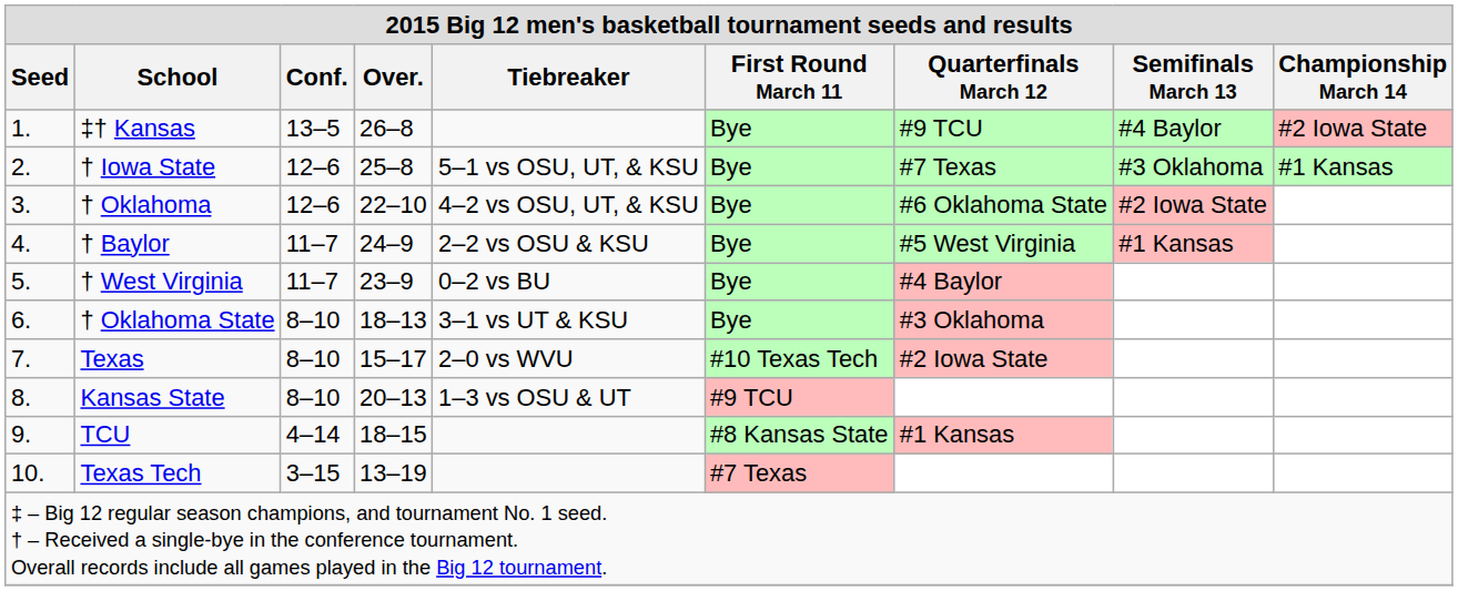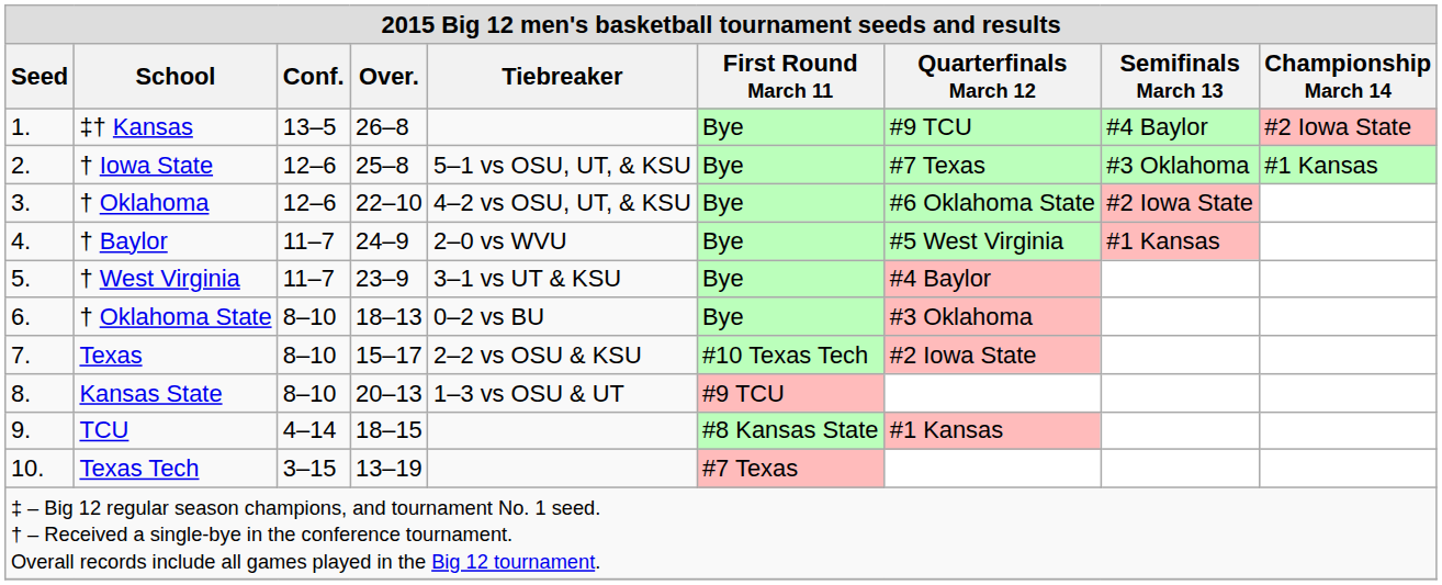 <table class="wikitable" style="white-space:nowrap; font-size:90%;">
 <tr>
 <td colspan="10" style="text-align:center; background:#DDDDDD; font:#000000"><strong>2015 Big 12 men's basketball tournament seeds and results</strong></td>
 </tr>
 <tr bgcolor="#efefef">
 <th>Seed</th>
 <th>School</th>
 <th>Conf.</th>
 <th>Over.</th>
 <th>Tiebreaker</th>
 <th>First Round<br><small>March 11</small></th>
 <th>Quarterfinals<br><small>March 12</small></th>
 <th>Semifinals<br><small>March 13</small></th>
 <th>Championship<br><small>March 14</small></th>
 </tr>
 <tr>
 <td>1.</td>
 <td>‡† <a href='#'>Kansas</a></td>
 <td>13–5</td>
 <td>26–8</td>
 <td></td>
 <td style="background:#bfb;">Bye</td>
 <td style="background:#bfb;">#9 TCU</td>
 <td style="background:#bfb;">#4 Baylor</td>
 <td style="background:#fbb;">#2 Iowa State</td>
 </tr>
 <tr>
 <td>2.</td>
 <td>† <a href='#'>Iowa State</a></td>
 <td>12–6</td>
 <td>25–8</td>
 <td>5–1 vs OSU, UT, & KSU</td>
 <td style="background:#bfb;">Bye</td>
 <td style="background:#bfb;">#7 Texas</td>
 <td style="background:#bfb;">#3 Oklahoma</td>
 <td style="background:#bfb;">#1 Kansas</td>
 </tr>
 <tr>
 <td>3.</td>
 <td>† <a href='#'>Oklahoma</a></td>
 <td>12–6</td>
 <td>22–10</td>
 <td>4–2 vs OSU, UT, & KSU</td>
 <td style="background:#bfb;">Bye</td>
 <td style="background:#bfb;">#6 Oklahoma State</td>
 <td style="background:#fbb;">#2 Iowa State</td>
 <td style="background:#fff;"></td>
 </tr>
 <tr>
 <td>4.</td>
 <td>† <a href='#'>Baylor</a></td>
 <td>11–7</td>
 <td>24–9</td>
-<td>2–2 vs OSU & KSU</td>
+<td>2–0 vs WVU</td>
 <td style="background:#bfb;">Bye</td>
 <td style="background:#bfb;">#5 West Virginia</td>
 <td style="background:#fbb;">#1 Kansas</td>
 <td style="background:#fff;"></td>
 </tr>
 <tr>
 <td>5.</td>
 <td>† <a href='#'>West Virginia</a></td>
 <td>11–7</td>
 <td>23–9</td>
-<td>0–2 vs BU</td>
+<td>3–1 vs UT & KSU</td>
 <td style="background:#bfb;">Bye</td>
 <td style="background:#fbb;">#4 Baylor</td>
 <td style="background:#fff;"></td>
 <td style="background:#fff;"></td>
 </tr>
 <tr>
 <td>6.</td>
 <td>† <a href='#'>Oklahoma State</a></td>
 <td>8–10</td>
 <td>18–13</td>
-<td>3–1 vs UT & KSU</td>
+<td>0–2 vs BU</td>
 <td style="background:#bfb;">Bye</td>
 <td style="background:#fbb;">#3 Oklahoma</td>
 <td style="background:#fff;"></td>
 <td style="background:#fff;"></td>
 </tr>
 <tr>
 <td>7.</td>
 <td><a href='#'>Texas</a></td>
 <td>8–10</td>
 <td>15–17</td>
-<td>2–0 vs WVU</td>
+<td>2–2 vs OSU & KSU</td>
 <td style="background:#bfb;">#10 Texas Tech</td>
 <td style="background:#fbb;">#2 Iowa State</td>
 <td style="background:#fff;"></td>
 <td style="background:#fff;"></td>
 </tr>
 <tr>
 <td>8.</td>
 <td><a href='#'>Kansas State</a></td>
 <td>8–10</td>
 <td>20–13</td>
 <td>1–3 vs OSU & UT</td>
 <td style="background:#fbb;">#9 TCU</td>
 <td style="background:#fff;"></td>
 <td style="background:#fff;"></td>
 <td style="background:#fff;"></td>
 </tr>
 <tr>
 <td>9.</td>
 <td><a href='#'>TCU</a></td>
 <td>4–14</td>
 <td>18–15</td>
 <td></td>
 <td style="background:#bfb;">#8 Kansas State</td>
 <td style="background:#fbb;">#1 Kansas</td>
 <td style="background:#fff;"></td>
 <td style="background:#fff;"></td>
 </tr>
 <tr>
 <td>10.</td>
 <td><a href='#'>Texas Tech</a></td>
 <td>3–15</td>
 <td>13–19</td>
 <td></td>
 <td style="background:#fbb;">#7 Texas</td>
 <td style="background:#fff;"></td>
 <td style="background:#fff;"></td>
 <td style="background:#fff;"></td>
 </tr>
 <tr>
 <td colspan="10" style="text-align:left;"><small>‡ – Big 12 regular season champions, and tournament No. 1 seed.<br>† – Received a single-bye in the conference tournament.<br>Overall records include all games played in the <a href='#'>Big 12 tournament</a>.</small></td>
 </tr>
 <tr>
 </tr>
 </table>
